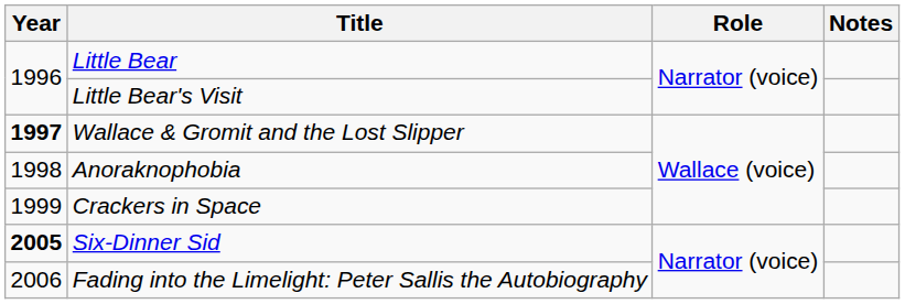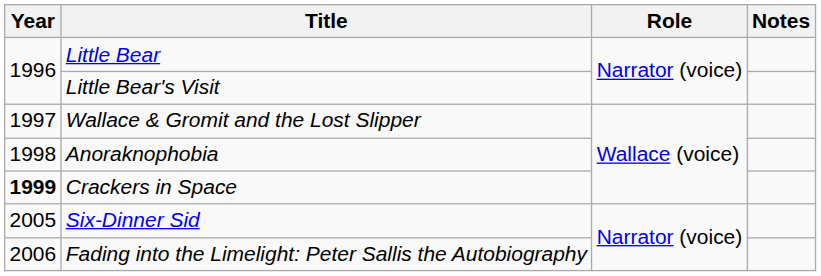 <table class="wikitable">
 <tr>
 <th>Year</th>
 <th>Title</th>
 <th>Role</th>
 <th>Notes</th>
 </tr>
 <tr>
 <td rowspan="2">1996</td>
 <td><em><a href='#'>Little Bear</a></em></td>
 <td rowspan="2"><a href='#'>Narrator</a> (voice)</td>
 <td></td>
 </tr>
 <tr>
 <td><em>Little Bear's Visit</em></td>
 <td></td>
 </tr>
 <tr>
-<td><strong>1997</strong></td>
+<td>1997</td>
 <td><em>Wallace & Gromit and the Lost Slipper</em></td>
 <td rowspan="3"><a href='#'>Wallace</a> (voice)</td>
 <td></td>
 </tr>
 <tr>
 <td>1998</td>
 <td><em>Anoraknophobia</em></td>
 <td></td>
 </tr>
 <tr>
-<td>1999</td>
+<td><strong>1999</strong></td>
 <td><em>Crackers in Space</em></td>
 <td></td>
 </tr>
 <tr>
-<td><strong>2005</strong></td>
+<td>2005</td>
 <td><em><a href='#'>Six-Dinner Sid</a></em></td>
 <td rowspan="2"><a href='#'>Narrator</a> (voice)</td>
 <td></td>
 </tr>
 <tr>
 <td>2006</td>
 <td><em>Fading into the Limelight: Peter Sallis the Autobiography</em></td>
 <td></td>
 </tr>
 </table>
